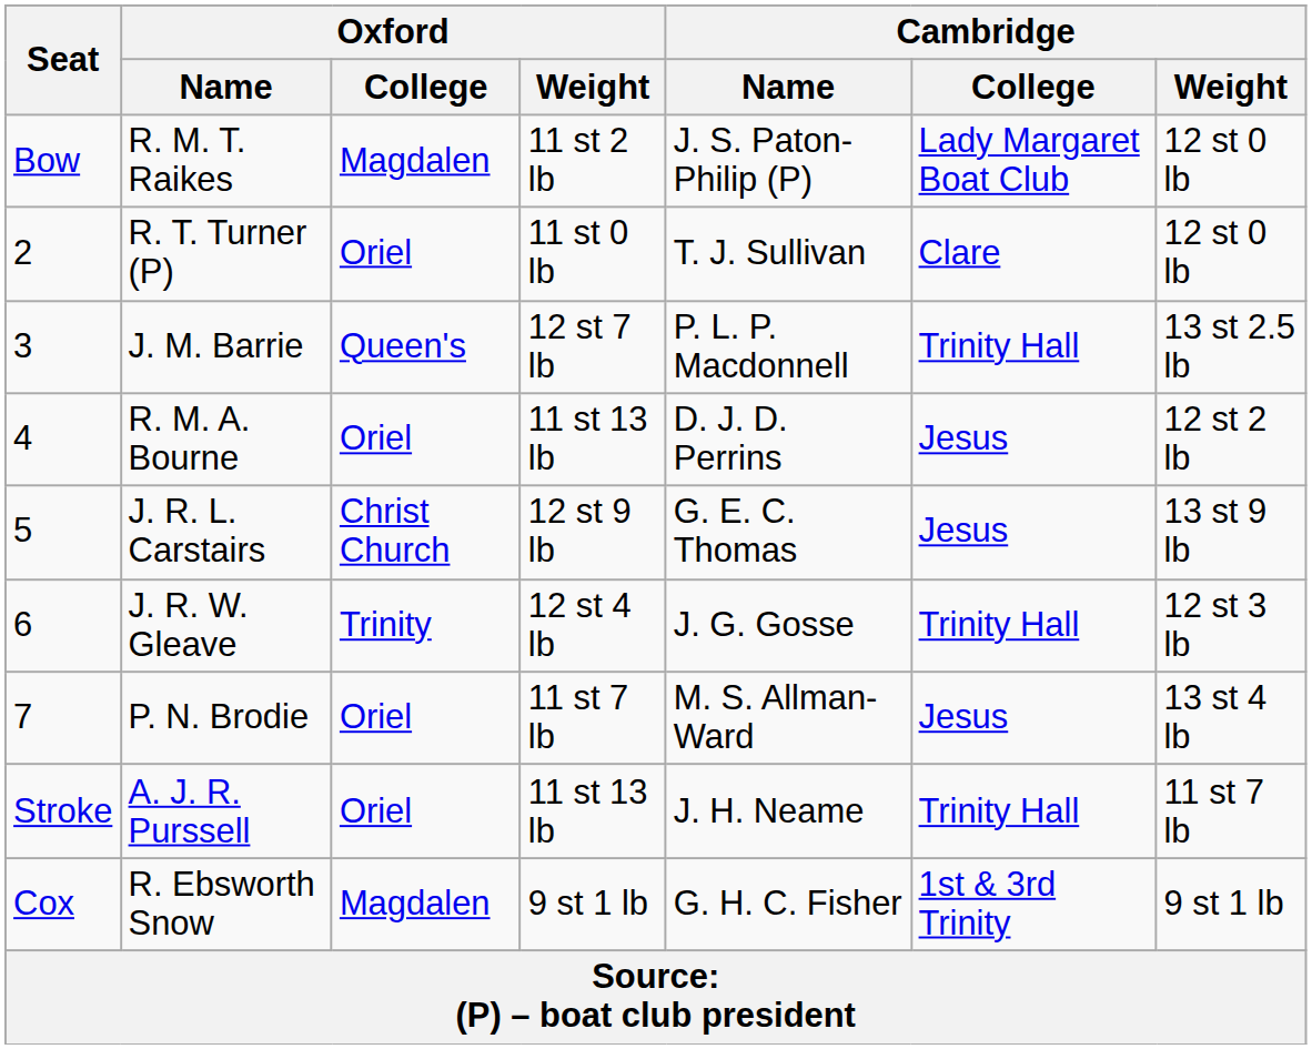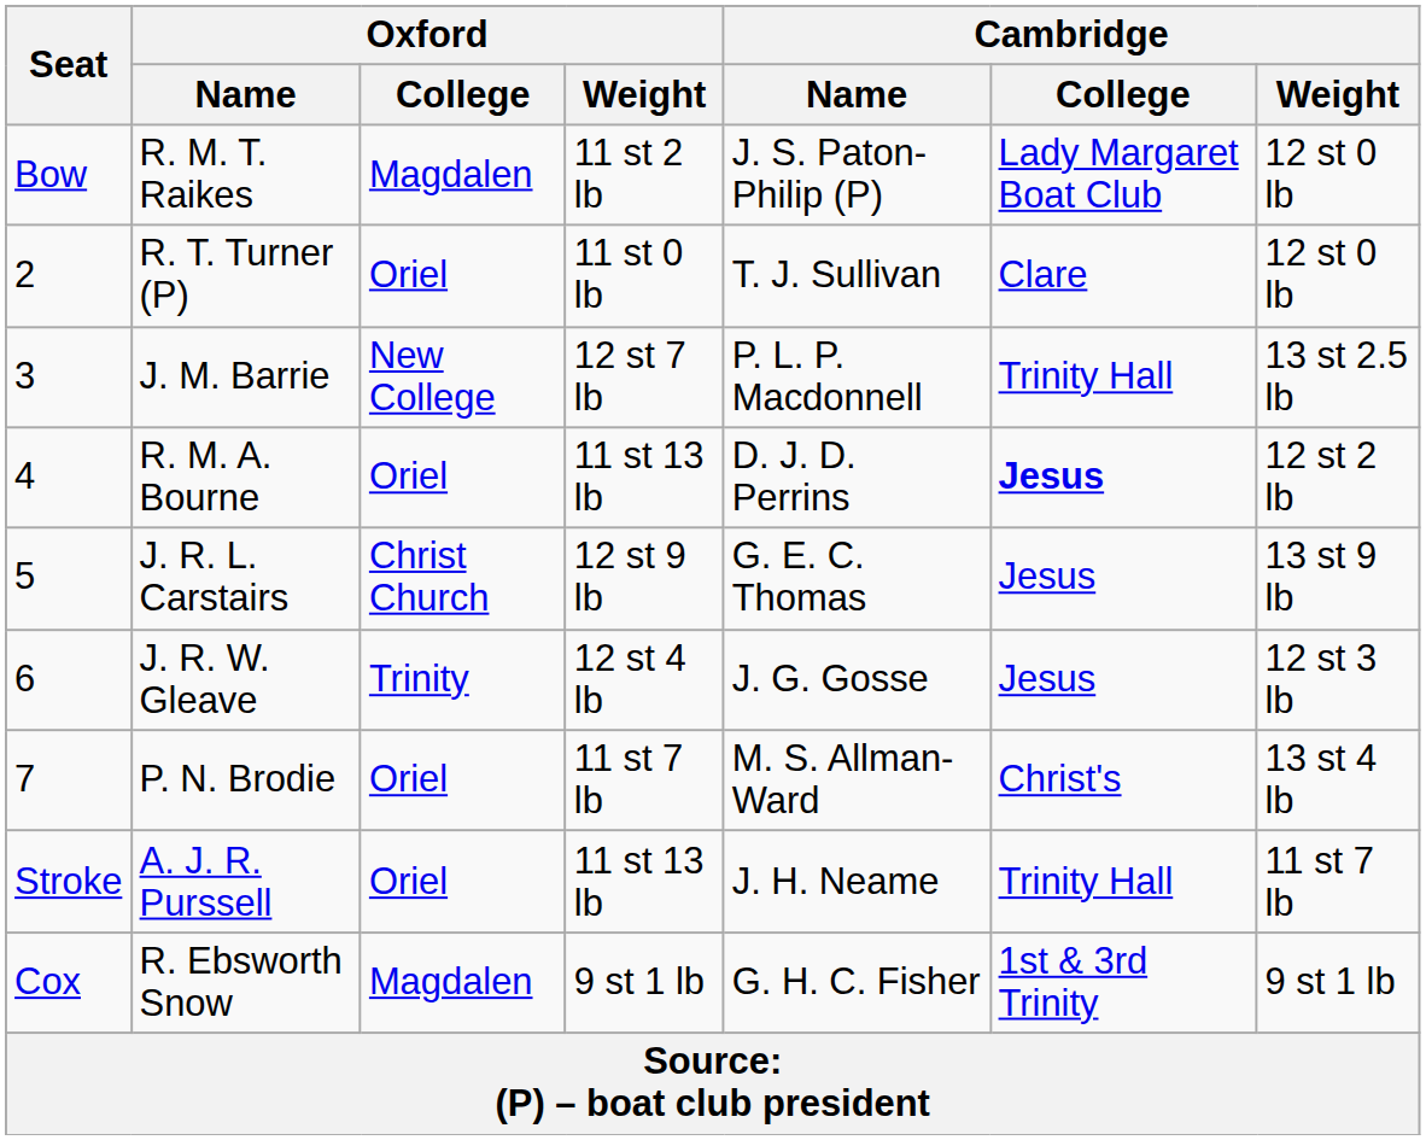 <table class="wikitable">
 <tr>
 <th rowspan="2" scope="col">Seat</th>
 <th colspan="3" scope="col">Oxford <br> </th>
 <th colspan="3" scope="col">Cambridge <br> </th>
 </tr>
 <tr>
 <th>Name</th>
 <th>College</th>
 <th>Weight</th>
 <th>Name</th>
 <th>College</th>
 <th>Weight</th>
 </tr>
 <tr>
 <td><a href='#'>Bow</a></td>
 <td>R. M. T. Raikes</td>
 <td><a href='#'>Magdalen</a></td>
 <td>11 st 2 lb</td>
 <td>J. S. Paton-Philip (P)</td>
 <td><a href='#'>Lady Margaret Boat Club</a></td>
 <td>12 st 0 lb</td>
 </tr>
 <tr>
 <td>2</td>
 <td>R. T. Turner (P)</td>
 <td><a href='#'>Oriel</a></td>
 <td>11 st 0 lb</td>
 <td>T. J. Sullivan</td>
 <td><a href='#'>Clare</a></td>
 <td>12 st 0 lb</td>
 </tr>
 <tr>
 <td>3</td>
 <td>J. M. Barrie</td>
-<td><a href='#'>Queen's</a></td>
+<td><a href='#'>New College</a></td>
 <td>12 st 7 lb</td>
 <td>P. L. P. Macdonnell</td>
 <td><a href='#'>Trinity Hall</a></td>
 <td>13 st 2.5 lb</td>
 </tr>
 <tr>
 <td>4</td>
 <td>R. M. A. Bourne</td>
 <td><a href='#'>Oriel</a></td>
 <td>11 st 13 lb</td>
 <td>D. J. D. Perrins</td>
-<td><a href='#'>Jesus</a></td>
+<td><strong><a href='#'>Jesus</a></strong></td>
 <td>12 st 2 lb</td>
 </tr>
 <tr>
 <td>5</td>
 <td>J. R. L. Carstairs</td>
 <td><a href='#'>Christ Church</a></td>
 <td>12 st 9 lb</td>
 <td>G. E. C. Thomas</td>
 <td><a href='#'>Jesus</a></td>
 <td>13 st 9 lb</td>
 </tr>
 <tr>
 <td>6</td>
 <td>J. R. W. Gleave</td>
 <td><a href='#'>Trinity</a></td>
 <td>12 st 4 lb</td>
 <td>J. G. Gosse</td>
-<td><a href='#'>Trinity Hall</a></td>
+<td><a href='#'>Jesus</a></td>
 <td>12 st 3 lb</td>
 </tr>
 <tr>
 <td>7</td>
 <td>P. N. Brodie</td>
 <td><a href='#'>Oriel</a></td>
 <td>11 st 7 lb</td>
 <td>M. S. Allman-Ward</td>
-<td><a href='#'>Jesus</a></td>
+<td><a href='#'>Christ's</a></td>
 <td>13 st 4 lb</td>
 </tr>
 <tr>
 <td><a href='#'>Stroke</a></td>
 <td><a href='#'>A. J. R. Purssell</a></td>
 <td><a href='#'>Oriel</a></td>
 <td>11 st 13 lb</td>
 <td>J. H. Neame</td>
 <td><a href='#'>Trinity Hall</a></td>
 <td>11 st 7 lb</td>
 </tr>
 <tr>
 <td><a href='#'>Cox</a></td>
 <td>R. Ebsworth Snow</td>
 <td><a href='#'>Magdalen</a></td>
 <td>9 st 1 lb</td>
 <td>G. H. C. Fisher</td>
 <td><a href='#'>1st & 3rd Trinity</a></td>
 <td>9 st 1 lb</td>
 </tr>
 <tr>
 <th colspan="7">Source:<br>(P) – boat club president</th>
 </tr>
 </table>
